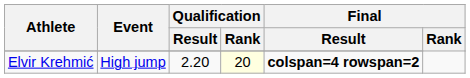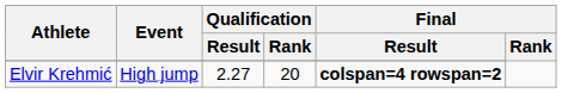 <table class=wikitable style="font-size:90%">
 <tr>
 <th rowspan="2">Athlete</th>
 <th rowspan="2">Event</th>
 <th colspan="2">Qualification</th>
 <th colspan="2">Final</th>
 </tr>
 <tr>
 <th>Result</th>
 <th>Rank</th>
 <th>Result</th>
 <th>Rank</th>
 </tr>
 <tr style="font-size:95%">
 </tr>
 <tr align=center>
 <td align=left><a href='#'>Elvir Krehmić</a></td>
 <td align=left><a href='#'>High jump</a></td>
-<td>2.20</td>
-<td style="background: lightyellow;">20</td>
+<td>2.27</td>
+<td>20</td>
 <td><strong>colspan=4 rowspan=2 </strong></td>
 </tr>
 </table>
